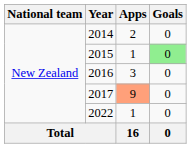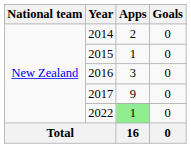 <table class="wikitable" style="text-align:center">
 <tr>
 <th>National team</th>
 <th>Year</th>
 <th>Apps</th>
 <th>Goals</th>
 </tr>
 <tr>
 <td rowspan="5"><a href='#'>New Zealand</a></td>
 <td>2014</td>
 <td>2</td>
 <td>0</td>
 </tr>
 <tr>
 <td>2015</td>
 <td>1</td>
-<td style="background: lightgreen;">0</td>
+<td>0</td>
 </tr>
 <tr>
 <td>2016</td>
 <td>3</td>
 <td>0</td>
 </tr>
 <tr>
 <td>2017</td>
-<td style="background: lightsalmon;">9</td>
+<td>9</td>
 <td>0</td>
 </tr>
 <tr>
 <td>2022</td>
-<td>1</td>
+<td style="background: lightgreen;">1</td>
 <td>0</td>
 </tr>
 <tr>
 <th colspan="2">Total</th>
 <th>16</th>
 <th>0</th>
 </tr>
 </table>
